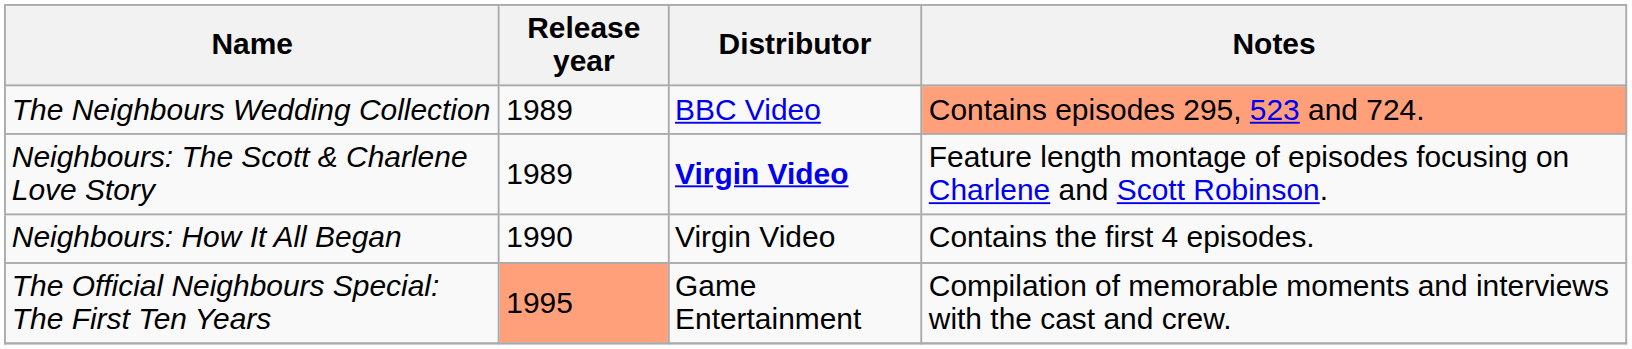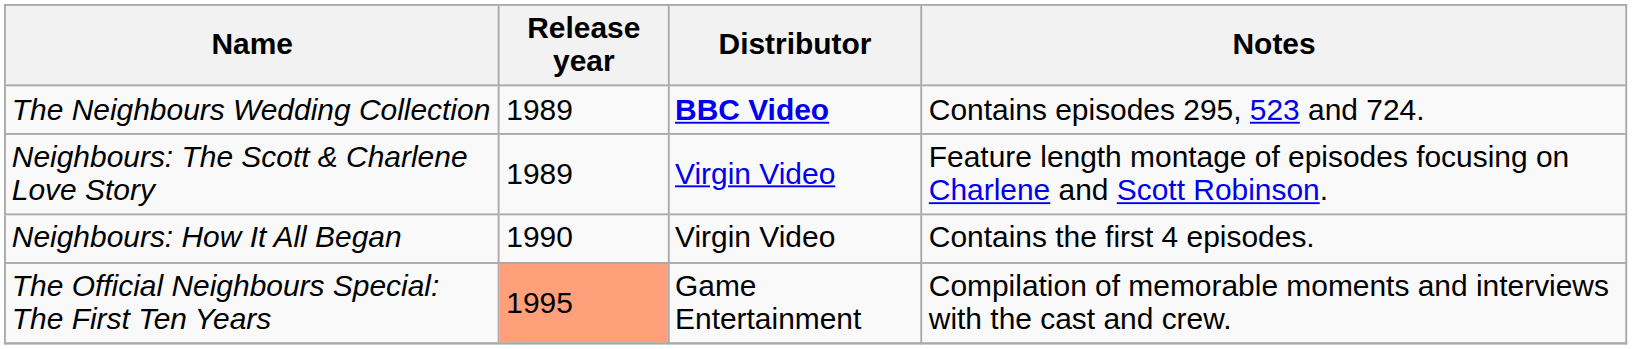 <table class="wikitable">
 <tr>
 <th rowspan="1">Name</th>
 <th rowspan="1">Release year</th>
 <th rowspan="1">Distributor</th>
 <th ! rowspan="1">Notes</th>
 </tr>
 <tr>
 <td><em>The Neighbours Wedding Collection</em></td>
 <td>1989</td>
-<td><a href='#'>BBC Video</a></td>
-<td style="background: lightsalmon;">Contains episodes 295, <a href='#'>523</a> and 724.</td>
+<td><strong><a href='#'>BBC Video</a></strong></td>
+<td>Contains episodes 295, <a href='#'>523</a> and 724.</td>
 </tr>
 <tr>
 <td><em>Neighbours: The Scott & Charlene Love Story</em></td>
 <td>1989</td>
-<td><strong><a href='#'>Virgin Video</a></strong></td>
+<td><a href='#'>Virgin Video</a></td>
 <td>Feature length montage of episodes focusing on <a href='#'>Charlene</a> and <a href='#'>Scott Robinson</a>.</td>
 </tr>
 <tr>
 <td><em>Neighbours: How It All Began</em></td>
 <td>1990</td>
 <td>Virgin Video</td>
 <td>Contains the first 4 episodes.</td>
 </tr>
 <tr>
 <td><em>The Official Neighbours Special: The First Ten Years</em></td>
 <td style="background: lightsalmon;">1995</td>
 <td>Game Entertainment</td>
 <td>Compilation of memorable moments and interviews with the cast and crew.</td>
 </tr>
 <tr>
 </tr>
 </table>
